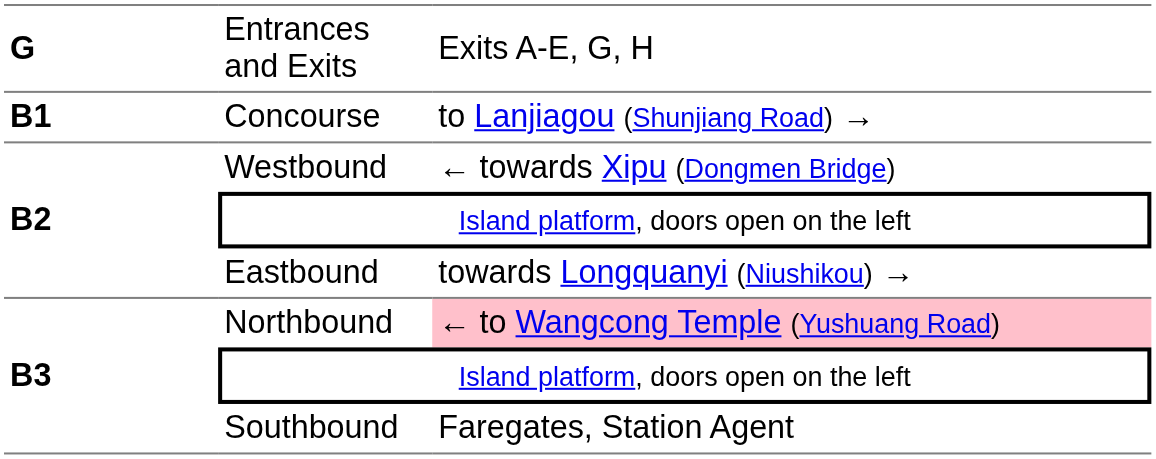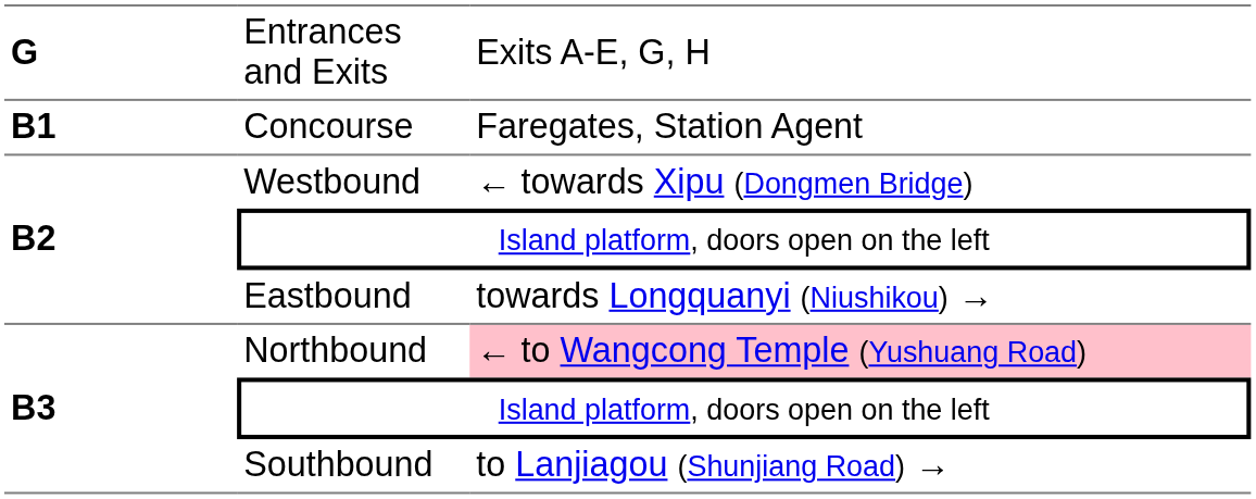 <table cellspacing=0 cellpadding=3>
 <tr>
 <td style="border-top:solid 1px gray;border-bottom:solid 1px gray;" width=100><strong>G</strong></td>
 <td style="border-top:solid 1px gray;border-bottom:solid 1px gray;" width=100>Entrances and Exits</td>
 <td style="border-top:solid 1px gray;border-bottom:solid 1px gray;" width=350>Exits A-E, G, H</td>
 </tr>
 <tr>
 <td style="border-bottom:solid 1px gray;"><strong>B1</strong></td>
 <td style="border-bottom:solid 1px gray;">Concourse</td>
-<td style="border-bottom:solid 1px gray;">  to <a href='#'>Lanjiagou</a> <small>(<a href='#'>Shunjiang Road</a>)</small> →</td>
+<td style="border-bottom:solid 1px gray;">Faregates, Station Agent</td>
 </tr>
 <tr>
 <td style="border-bottom:solid 1px gray;" rowspan=3><strong>B2</strong></td>
 <td>Westbound</td>
 <td>←  towards <a href='#'>Xipu</a> <small>(<a href='#'>Dongmen Bridge</a>)</small></td>
 </tr>
 <tr>
 <td style="border-right:solid 2px black;border-left:solid 2px black;border-top:solid 2px black;border-bottom:solid 2px black;text-align:center;" colspan=2><small><a href='#'>Island platform</a>, doors open on the left</small></td>
 </tr>
 <tr>
 <td style="border-bottom:solid 1px gray;">Eastbound</td>
 <td style="border-bottom:solid 1px gray;">  towards <a href='#'>Longquanyi</a> <small>(<a href='#'>Niushikou</a>)</small> →</td>
 </tr>
 <tr>
 <td style="border-bottom:solid 1px gray;" rowspan=3><strong>B3</strong></td>
 <td>Northbound</td>
 <td style="background: pink;">←  to <a href='#'>Wangcong Temple</a> <small>(<a href='#'>Yushuang Road</a>)</small></td>
 </tr>
 <tr>
 <td style="border-right:solid 2px black;border-left:solid 2px black;border-top:solid 2px black;border-bottom:solid 2px black;text-align:center;" colspan=2><small><a href='#'>Island platform</a>, doors open on the left</small></td>
 </tr>
 <tr>
 <td style="border-bottom:solid 1px gray;">Southbound</td>
-<td style="border-bottom:solid 1px gray;">Faregates, Station Agent</td>
+<td style="border-bottom:solid 1px gray;">  to <a href='#'>Lanjiagou</a> <small>(<a href='#'>Shunjiang Road</a>)</small> →</td>
 </tr>
 </table>
